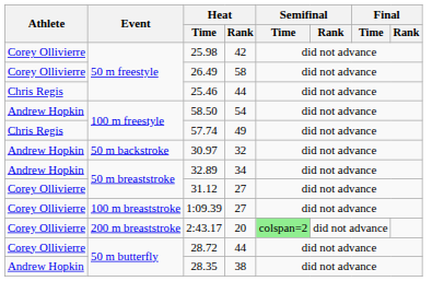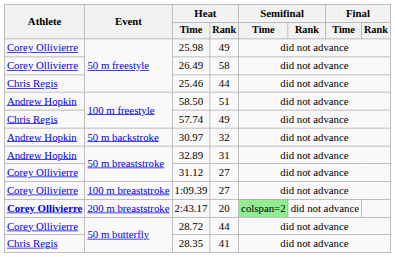 <table class=wikitable style="font-size:90%">
 <tr>
 <th rowspan=2>Athlete</th>
 <th rowspan=2>Event</th>
 <th colspan="2">Heat</th>
 <th colspan="2">Semifinal</th>
 <th colspan="2">Final</th>
 </tr>
 <tr style="font-size:95%">
 <th>Time</th>
 <th>Rank</th>
 <th>Time</th>
 <th>Rank</th>
 <th>Time</th>
 <th>Rank</th>
 </tr>
 <tr align=center>
 <td align=left><a href='#'>Corey Ollivierre</a></td>
 <td align=left rowspan=3><a href='#'>50 m freestyle</a></td>
 <td>25.98</td>
-<td>42</td>
+<td>49</td>
 <td colspan=4>did not advance</td>
 </tr>
 <tr align=center>
 <td align=left><a href='#'>Corey Ollivierre</a></td>
 <td>26.49</td>
 <td>58</td>
 <td colspan=4>did not advance</td>
 </tr>
 <tr align=center>
 <td align=left><a href='#'>Chris Regis</a></td>
 <td>25.46</td>
 <td>44</td>
 <td colspan=4>did not advance</td>
 </tr>
 <tr align=center>
 <td align=left><a href='#'>Andrew Hopkin</a></td>
 <td align=left rowspan=2><a href='#'>100 m freestyle</a></td>
 <td>58.50</td>
-<td>54</td>
+<td>51</td>
 <td colspan=4>did not advance</td>
 </tr>
 <tr align=center>
 <td align=left><a href='#'>Chris Regis</a></td>
 <td>57.74</td>
 <td>49</td>
 <td colspan=4>did not advance</td>
 </tr>
 <tr align=center>
 <td align=left><a href='#'>Andrew Hopkin</a></td>
 <td align=left><a href='#'>50 m backstroke</a></td>
 <td>30.97</td>
 <td>32</td>
 <td colspan=4>did not advance</td>
 </tr>
 <tr align=center>
 <td align=left><a href='#'>Andrew Hopkin</a></td>
 <td align=left rowspan=2><a href='#'>50 m breaststroke</a></td>
 <td>32.89</td>
-<td>34</td>
+<td>31</td>
 <td colspan=4>did not advance</td>
 </tr>
 <tr align=center>
 <td align=left><a href='#'>Corey Ollivierre</a></td>
 <td>31.12</td>
 <td>27</td>
 <td colspan=4>did not advance</td>
 </tr>
 <tr align=center>
 <td align=left><a href='#'>Corey Ollivierre</a></td>
 <td align=left><a href='#'>100 m breaststroke</a></td>
 <td>1:09.39</td>
 <td>27</td>
 <td colspan=4>did not advance</td>
 </tr>
 <tr align=center>
-<td align=left><a href='#'>Corey Ollivierre</a></td>
+<td align=left><strong><a href='#'>Corey Ollivierre</a></strong></td>
 <td align=left><a href='#'>200 m breaststroke</a></td>
 <td>2:43.17</td>
 <td>20</td>
 <td style="background: lightgreen;">colspan=2 </td>
 <td colspan=2>did not advance</td>
 </tr>
 <tr align=center>
 <td align=left><a href='#'>Corey Ollivierre</a></td>
 <td align=left rowspan=2><a href='#'>50 m butterfly</a></td>
 <td>28.72</td>
 <td>44</td>
 <td colspan=4>did not advance</td>
 </tr>
 <tr align=center>
-<td align=left><a href='#'>Andrew Hopkin</a></td>
+<td align=left><a href='#'>Chris Regis</a></td>
 <td>28.35</td>
-<td>38</td>
+<td>41</td>
 <td colspan=4>did not advance</td>
 </tr>
 </table>
